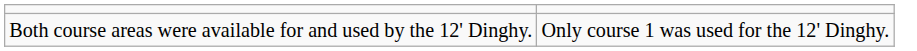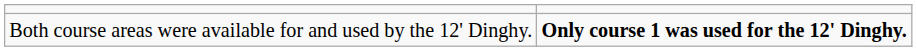 <table class="wikitable" style="text-align:center;">
 <tr>
 <td></td>
 <td></td>
 </tr>
 <tr>
 <td>Both course areas were available for and used by the 12' Dinghy.</td>
-<td>Only course 1 was used for the 12' Dinghy.</td>
+<td><strong>Only course 1 was used for the 12' Dinghy.</strong></td>
 </tr>
 </table>
